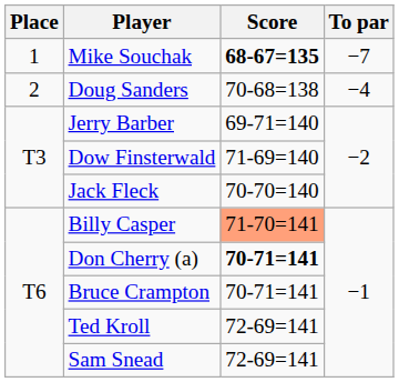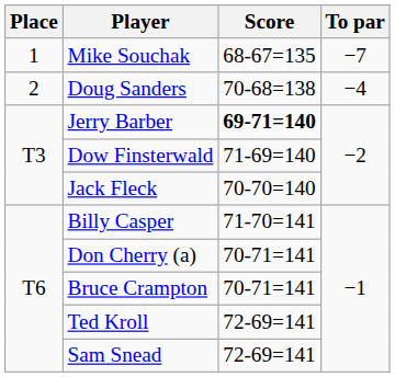 <table class="wikitable">
 <tr>
 <th>Place</th>
 <th>Player</th>
 <th>Score</th>
 <th>To par</th>
 </tr>
 <tr>
 <td align=center>1</td>
 <td> <a href='#'>Mike Souchak</a></td>
-<td align=center><strong>68-67=135</strong></td>
+<td align=center>68-67=135</td>
 <td align=center>−7</td>
 </tr>
 <tr>
 <td align=center>2</td>
 <td> <a href='#'>Doug Sanders</a></td>
 <td align=center>70-68=138</td>
 <td align=center>−4</td>
 </tr>
 <tr>
 <td rowspan="3" align=center>T3</td>
 <td> <a href='#'>Jerry Barber</a></td>
-<td align=center>69-71=140</td>
+<td align=center><strong>69-71=140</strong></td>
 <td rowspan="3" align=center>−2</td>
 </tr>
 <tr>
 <td> <a href='#'>Dow Finsterwald</a></td>
 <td align=center>71-69=140</td>
 </tr>
 <tr>
 <td> <a href='#'>Jack Fleck</a></td>
 <td align=center>70-70=140</td>
 </tr>
 <tr>
 <td rowspan="5" align=center>T6</td>
 <td> <a href='#'>Billy Casper</a></td>
-<td align=center style="background: lightsalmon;">71-70=141</td>
+<td align=center>71-70=141</td>
 <td rowspan="5" align=center>−1</td>
 </tr>
 <tr>
 <td> <a href='#'>Don Cherry</a> (a)</td>
-<td align=center><strong>70-71=141</strong></td>
+<td align=center>70-71=141</td>
 </tr>
 <tr>
 <td> <a href='#'>Bruce Crampton</a></td>
 <td align=center>70-71=141</td>
 </tr>
 <tr>
 <td> <a href='#'>Ted Kroll</a></td>
 <td align=center>72-69=141</td>
 </tr>
 <tr>
 <td> <a href='#'>Sam Snead</a></td>
 <td align=center>72-69=141</td>
 </tr>
 </table>
